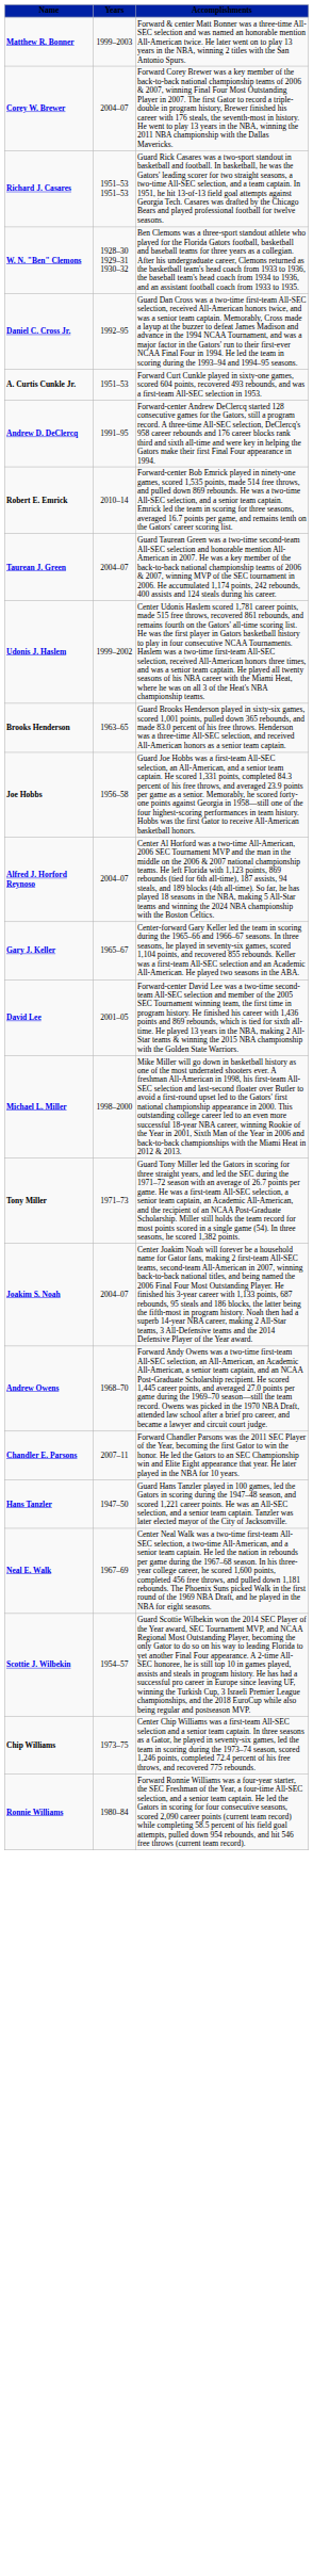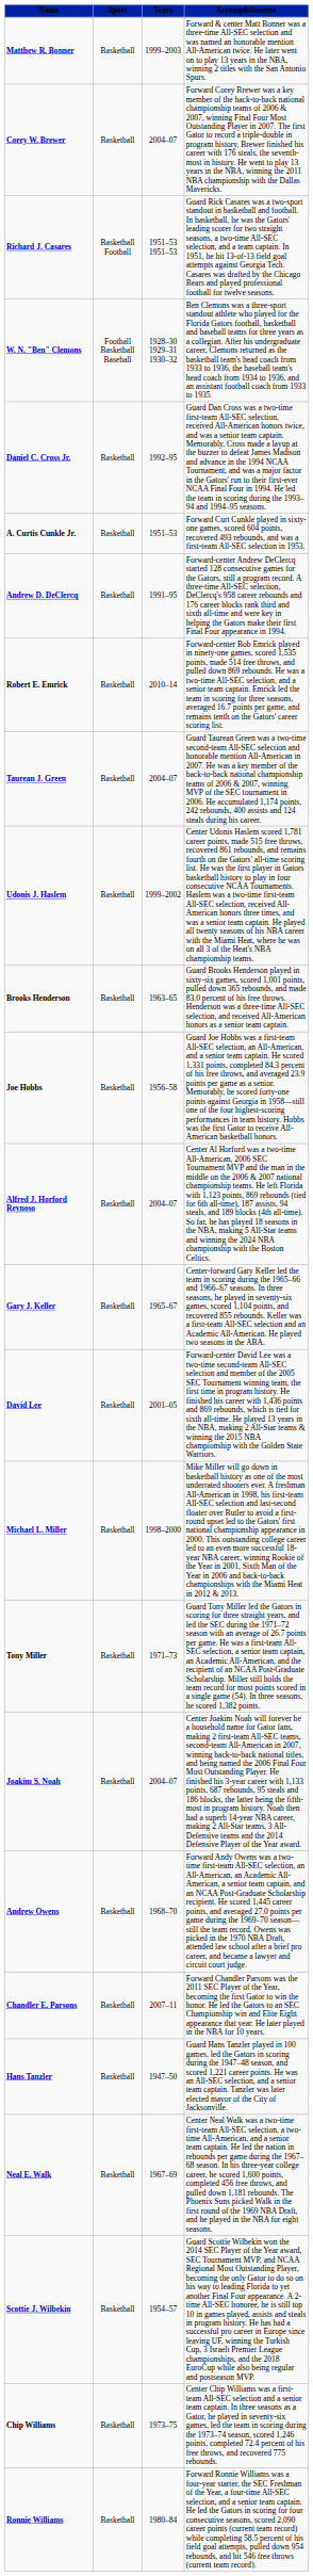 <table class="wikitable">
 <tr>
 <th width=170 style="background:#0021A5;"><span> Name</span></th>
+<th width=90 style="background:#0021A5;"><span> Sport</span></th>
 <th width=77 style="background:#0021A5;"><span> Years</span></th>
 <th style="background:#0021A5;"><span> Accomplishments</span></th>
 </tr>
 <tr>
 <td><strong><a href='#'>Matthew R. Bonner</a></strong></td>
+<td align=center>Basketball</td>
 <td align=center>1999–2003</td>
 <td>Forward & center Matt Bonner was a three-time All-SEC selection and was named an honorable mention All-American twice. He later went on to play 13 years in the NBA, winning 2 titles with the San Antonio Spurs.</td>
 </tr>
 <tr>
 <td><strong><a href='#'>Corey W. Brewer</a></strong></td>
+<td align=center>Basketball</td>
 <td align=center>2004–07</td>
 <td>Forward Corey Brewer was a key member of the back-to-back national championship teams of 2006 & 2007, winning Final Four Most Outstanding Player in 2007. The first Gator to record a triple-double in program history, Brewer finished his career with 176 steals, the seventh-most in history. He went to play 13 years in the NBA, winning the 2011 NBA championship with the Dallas Mavericks.</td>
 </tr>
 <tr>
 <td><strong><a href='#'>Richard J. Casares</a></strong></td>
+<td align=center>Basketball<br>Football</td>
 <td align=center>1951–53<br>1951–53</td>
 <td>Guard Rick Casares was a two-sport standout in basketball and football. In basketball, he was the Gators' leading scorer for two straight seasons, a two-time All-SEC selection, and a team captain. In 1951, he hit 13-of-13 field goal attempts against Georgia Tech. Casares was drafted by the Chicago Bears and played professional football for twelve seasons.</td>
 </tr>
 <tr>
 <td><strong><a href='#'>W. N. "Ben" Clemons</a></strong></td>
+<td align=center>Football<br>Basketball<br>Baseball</td>
 <td align=center>1928–30<br>1929–31<br>1930–32</td>
 <td>Ben Clemons was a three-sport standout athlete who played for the Florida Gators football, basketball and baseball teams for three years as a collegian. After his undergraduate career, Clemons returned as the basketball team's head coach from 1933 to 1936, the baseball team's head coach from 1934 to 1936, and an assistant football coach from 1933 to 1935.</td>
 </tr>
 <tr>
 <td><strong><a href='#'>Daniel C. Cross Jr.</a></strong></td>
+<td align=center>Basketball</td>
 <td align=center>1992–95</td>
 <td>Guard Dan Cross was a two-time first-team All-SEC selection, received All-American honors twice, and was a senior team captain. Memorably, Cross made a layup at the buzzer to defeat James Madison and advance in the 1994 NCAA Tournament, and was a major factor in the Gators' run to their first-ever NCAA Final Four in 1994. He led the team in scoring during the 1993–94 and 1994–95 seasons.</td>
 </tr>
 <tr>
 <td><strong>A. Curtis Cunkle Jr.</strong></td>
+<td align=center>Basketball</td>
 <td align=center>1951–53</td>
 <td>Forward Curt Cunkle played in sixty-one games, scored 604 points, recovered 493 rebounds, and was a first-team All-SEC selection in 1953.</td>
 </tr>
 <tr>
 <td><strong><a href='#'>Andrew D. DeClercq</a></strong></td>
+<td align=center>Basketball</td>
 <td align=center>1991–95</td>
 <td>Forward-center Andrew DeClercq started 128 consecutive games for the Gators, still a program record. A three-time All-SEC selection, DeClercq's 958 career rebounds and 176 career blocks rank third and sixth all-time and were key in helping the Gators make their first Final Four appearance in 1994.</td>
 </tr>
 <tr>
 <td><strong>Robert E. Emrick</strong></td>
+<td align=center>Basketball</td>
 <td align=center>2010–14</td>
 <td>Forward-center Bob Emrick played in ninety-one games, scored 1,535 points, made 514 free throws, and pulled down 869 rebounds. He was a two-time All-SEC selection, and a senior team captain. Emrick led the team in scoring for three seasons, averaged 16.7 points per game, and remains tenth on the Gators' career scoring list.</td>
 </tr>
 <tr>
 <td><strong><a href='#'>Taurean J. Green</a></strong></td>
+<td align=center>Basketball</td>
 <td align=center>2004–07</td>
 <td>Guard Taurean Green was a two-time second-team All-SEC selection and honorable mention All-American in 2007. He was a key member of the back-to-back national championship teams of 2006 & 2007, winning MVP of the SEC tournament in 2006. He accumulated 1,174 points, 242 rebounds, 400 assists and 124 steals during his career.</td>
 </tr>
 <tr>
 <td><strong><a href='#'>Udonis J. Haslem</a></strong></td>
+<td align=center>Basketball</td>
 <td align=center>1999–2002</td>
 <td>Center Udonis Haslem scored 1,781 career points, made 515 free throws, recovered 861 rebounds, and remains fourth on the Gators' all-time scoring list. He was the first player in Gators basketball history to play in four consecutive NCAA Tournaments. Haslem was a two-time first-team All-SEC selection, received All-American honors three times, and was a senior team captain. He played all twenty seasons of his NBA career with the Miami Heat, where he was on all 3 of the Heat's NBA championship teams.</td>
 </tr>
 <tr>
 <td><strong>Brooks Henderson</strong></td>
+<td align=center>Basketball</td>
 <td align=center>1963–65</td>
 <td>Guard Brooks Henderson played in sixty-six games, scored 1,001 points, pulled down 365 rebounds, and made 83.0 percent of his free throws. Henderson was a three-time All-SEC selection, and received All-American honors as a senior team captain.</td>
 </tr>
 <tr>
 <td><strong>Joe Hobbs</strong></td>
+<td align=center>Basketball</td>
 <td align=center>1956–58</td>
 <td>Guard Joe Hobbs was a first-team All-SEC selection, an All-American, and a senior team captain. He scored 1,331 points, completed 84.3 percent of his free throws, and averaged 23.9 points per game as a senior. Memorably, he scored forty-one points against Georgia in 1958—still one of the four highest-scoring performances in team history. Hobbs was the first Gator to receive All-American basketball honors.</td>
 </tr>
 <tr>
 <td><strong><a href='#'>Alfred J. Horford Reynoso</a></strong></td>
+<td align=center>Basketball</td>
 <td align=center>2004–07</td>
 <td>Center Al Horford was a two-time All-American, 2006 SEC Tournament MVP and the man in the middle on the 2006 & 2007 national championship teams. He left Florida with 1,123 points, 869 rebounds (tied for 6th all-time), 187 assists, 94 steals, and 189 blocks (4th all-time). So far, he has played 18 seasons in the NBA, making 5 All-Star teams and winning the 2024 NBA championship with the Boston Celtics.</td>
 </tr>
 <tr>
 <td><strong><a href='#'>Gary J. Keller</a></strong></td>
+<td align=center>Basketball</td>
 <td align=center>1965–67</td>
 <td>Center-forward Gary Keller led the team in scoring during the 1965–66 and 1966–67 seasons. In three seasons, he played in seventy-six games, scored 1,104 points, and recovered 855 rebounds. Keller was a first-team All-SEC selection and an Academic All-American. He played two seasons in the ABA.</td>
 </tr>
 <tr>
 <td><strong><a href='#'>David Lee</a></strong></td>
+<td align=center>Basketball</td>
 <td align=center>2001–05</td>
 <td>Forward-center David Lee was a two-time second-team All-SEC selection and member of the 2005 SEC Tournament winning team, the first time in program history. He finished his career with 1,436 points and 869 rebounds, which is tied for sixth all-time. He played 13 years in the NBA, making 2 All-Star teams & winning the 2015 NBA championship with the Golden State Warriors.</td>
 </tr>
 <tr>
 <td><strong><a href='#'>Michael L. Miller</a></strong></td>
+<td align=center>Basketball</td>
 <td align=center>1998–2000</td>
 <td>Mike Miller will go down in basketball history as one of the most underrated shooters ever. A freshman All-American in 1998, his first-team All-SEC selection and last-second floater over Butler to avoid a first-round upset led to the Gators' first national championship appearance in 2000. This outstanding college career led to an even more successful 18-year NBA career, winning Rookie of the Year in 2001, Sixth Man of the Year in 2006 and back-to-back championships with the Miami Heat in 2012 & 2013.</td>
 </tr>
 <tr>
 <td><strong>Tony Miller</strong></td>
+<td align=center>Basketball</td>
 <td align=center>1971–73</td>
 <td>Guard Tony Miller led the Gators in scoring for three straight years, and led the SEC during the 1971–72 season with an average of 26.7 points per game. He was a first-team All-SEC selection, a senior team captain, an Academic All-American, and the recipient of an NCAA Post-Graduate Scholarship. Miller still holds the team record for most points scored in a single game (54). In three seasons, he scored 1,382 points.</td>
 </tr>
 <tr>
 <td><strong><a href='#'>Joakim S. Noah</a></strong></td>
+<td align=center>Basketball</td>
 <td align=center>2004–07</td>
 <td>Center Joakim Noah will forever be a household name for Gator fans, making 2 first-team All-SEC teams, second-team All-American in 2007, winning back-to-back national titles, and being named the 2006 Final Four Most Outstanding Player. He finished his 3-year career with 1,133 points, 687 rebounds, 95 steals and 186 blocks, the latter being the fifth-most in program history. Noah then had a superb 14-year NBA career, making 2 All-Star teams, 3 All-Defensive teams and the 2014 Defensive Player of the Year award.</td>
 </tr>
 <tr>
 <td><strong><a href='#'>Andrew Owens</a></strong></td>
+<td align=center>Basketball</td>
 <td align=center>1968–70</td>
 <td>Forward Andy Owens was a two-time first-team All-SEC selection, an All-American, an Academic All-American, a senior team captain, and an NCAA Post-Graduate Scholarship recipient. He scored 1,445 career points, and averaged 27.0 points per game during the 1969–70 season—still the team record. Owens was picked in the 1970 NBA Draft, attended law school after a brief pro career, and became a lawyer and circuit court judge.</td>
 </tr>
 <tr>
 <td><strong><a href='#'>Chandler E. Parsons</a></strong></td>
+<td align=center>Basketball</td>
 <td align=center>2007–11</td>
 <td>Forward Chandler Parsons was the 2011 SEC Player of the Year, becoming the first Gator to win the honor. He led the Gators to an SEC Championship win and Elite Eight appearance that year. He later played in the NBA for 10 years.</td>
 </tr>
 <tr>
 <td><strong><a href='#'>Hans Tanzler</a></strong></td>
+<td align=center>Basketball</td>
 <td align=center>1947–50</td>
 <td>Guard Hans Tanzler played in 100 games, led the Gators in scoring during the 1947–48 season, and scored 1,221 career points. He was an All-SEC selection, and a senior team captain. Tanzler was later elected mayor of the City of Jacksonville.</td>
 </tr>
 <tr>
 <td><strong><a href='#'>Neal E. Walk</a></strong></td>
+<td align=center>Basketball</td>
 <td align=center>1967–69</td>
 <td>Center Neal Walk was a two-time first-team All-SEC selection, a two-time All-American, and a senior team captain. He led the nation in rebounds per game during the 1967–68 season. In his three-year college career, he scored 1,600 points, completed 456 free throws, and pulled down 1,181 rebounds. The Phoenix Suns picked Walk in the first round of the 1969 NBA Draft, and he played in the NBA for eight seasons.</td>
 </tr>
 <tr>
 <td><strong><a href='#'>Scottie J. Wilbekin</a></strong></td>
+<td align=center>Basketball</td>
 <td align=center>1954–57</td>
 <td>Guard Scottie Wilbekin won the 2014 SEC Player of the Year award, SEC Tournament MVP, and NCAA Regional Most Outstanding Player, becoming the only Gator to do so on his way to leading Florida to yet another Final Four appearance. A 2-time All-SEC honoree, he is still top 10 in games played, assists and steals in program history. He has had a successful pro career in Europe since leaving UF, winning the Turkish Cup, 3 Israeli Premier League championships, and the 2018 EuroCup while also being regular and postseason MVP.</td>
 </tr>
 <tr>
 <td><strong>Chip Williams</strong></td>
+<td align=center>Basketball</td>
 <td align=center>1973–75</td>
 <td>Center Chip Williams was a first-team All-SEC selection and a senior team captain. In three seasons as a Gator, he played in seventy-six games, led the team in scoring during the 1973–74 season, scored 1,246 points, completed 72.4 percent of his free throws, and recovered 775 rebounds.</td>
 </tr>
 <tr>
 <td><strong><a href='#'>Ronnie Williams</a></strong></td>
+<td align=center>Basketball</td>
 <td align=center>1980–84</td>
 <td>Forward Ronnie Williams was a four-year starter, the SEC Freshman of the Year, a four-time All-SEC selection, and a senior team captain. He led the Gators in scoring for four consecutive seasons, scored 2,090 career points (current team record) while completing 58.5 percent of his field goal attempts, pulled down 954 rebounds, and hit 546 free throws (current team record).</td>
 </tr>
 </table>
